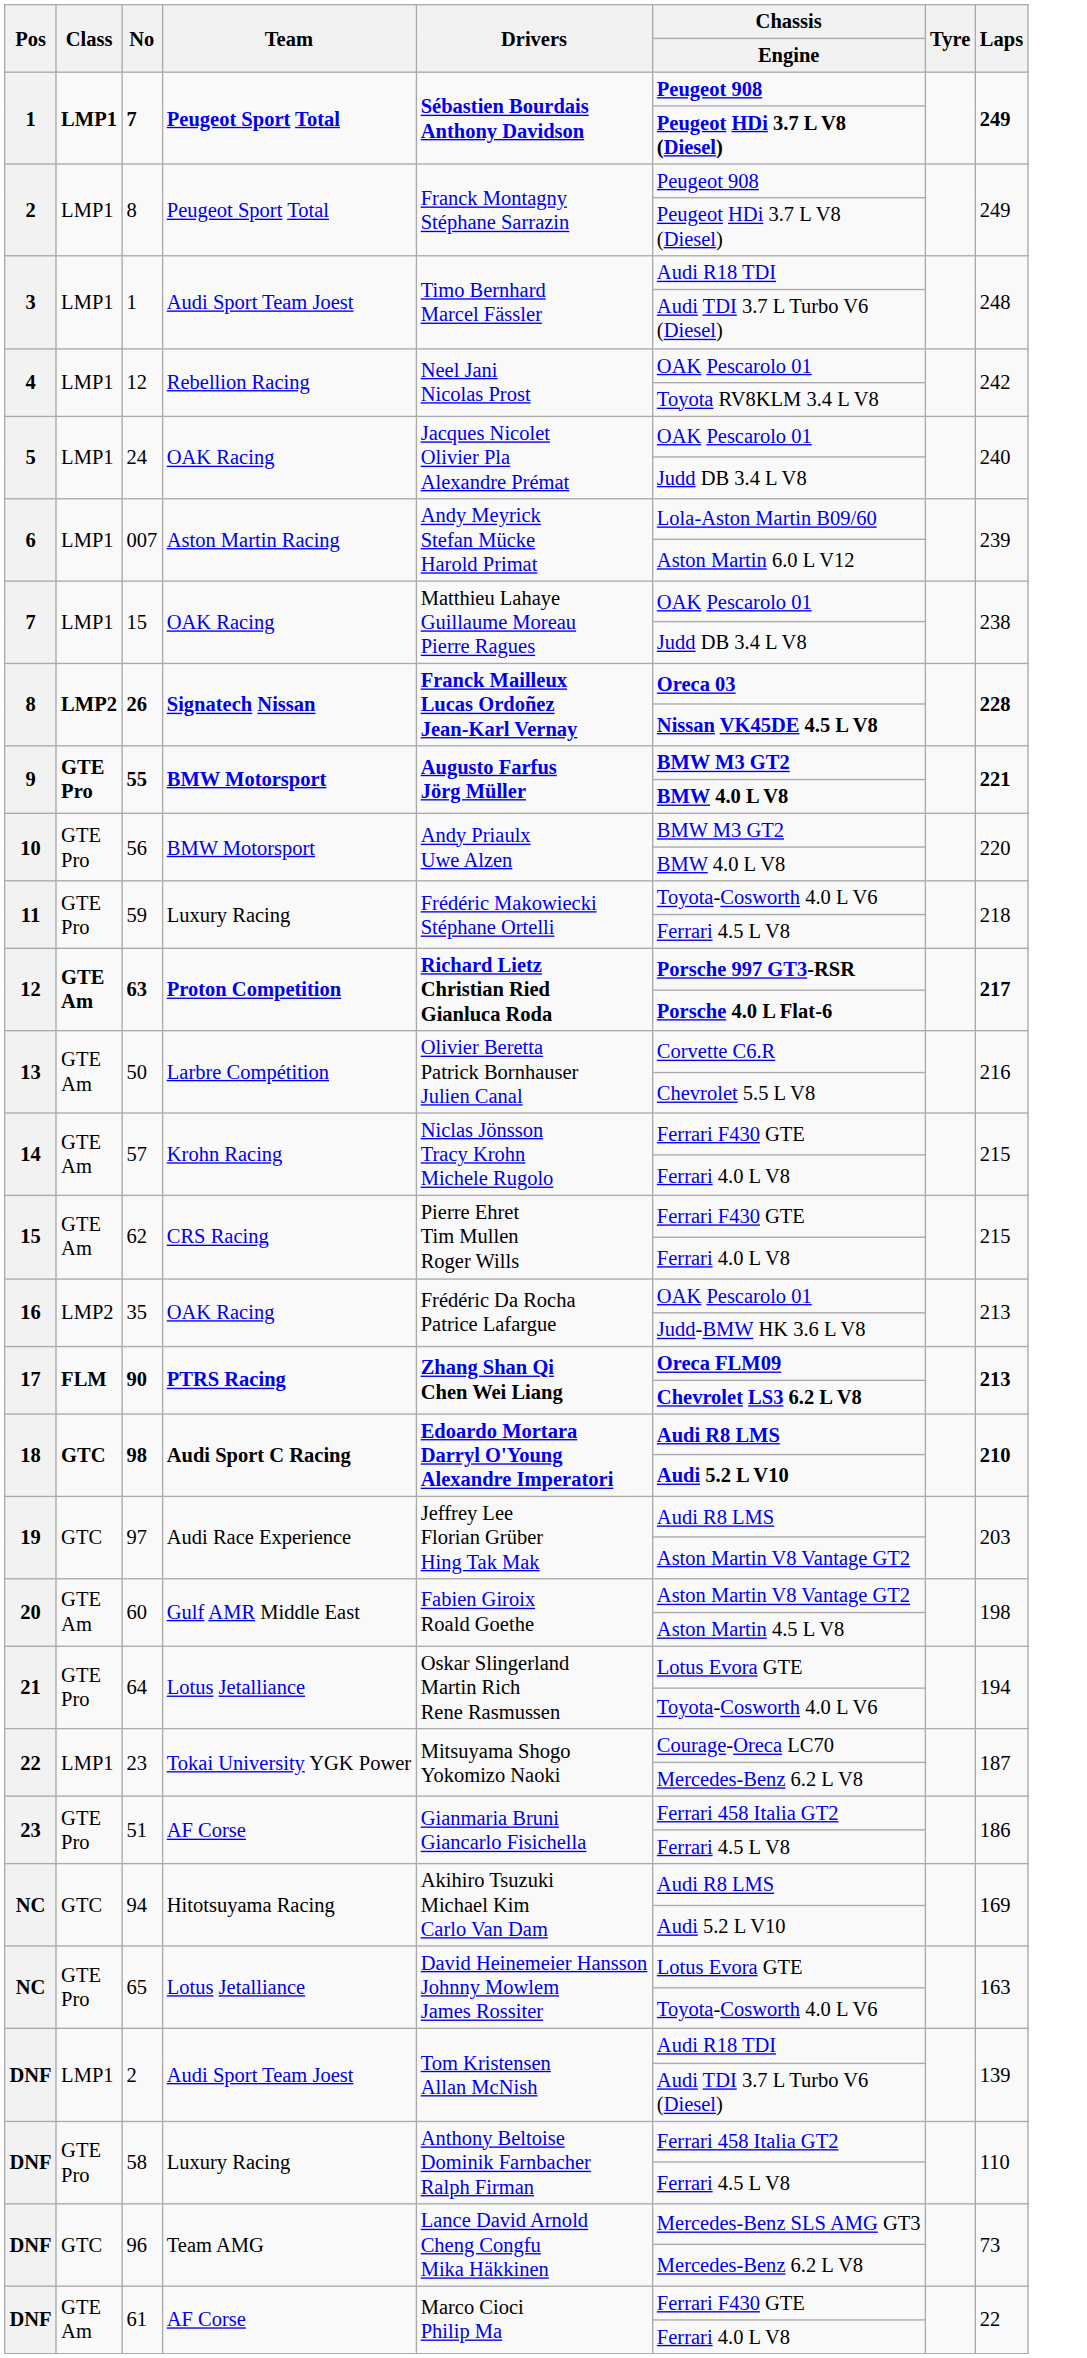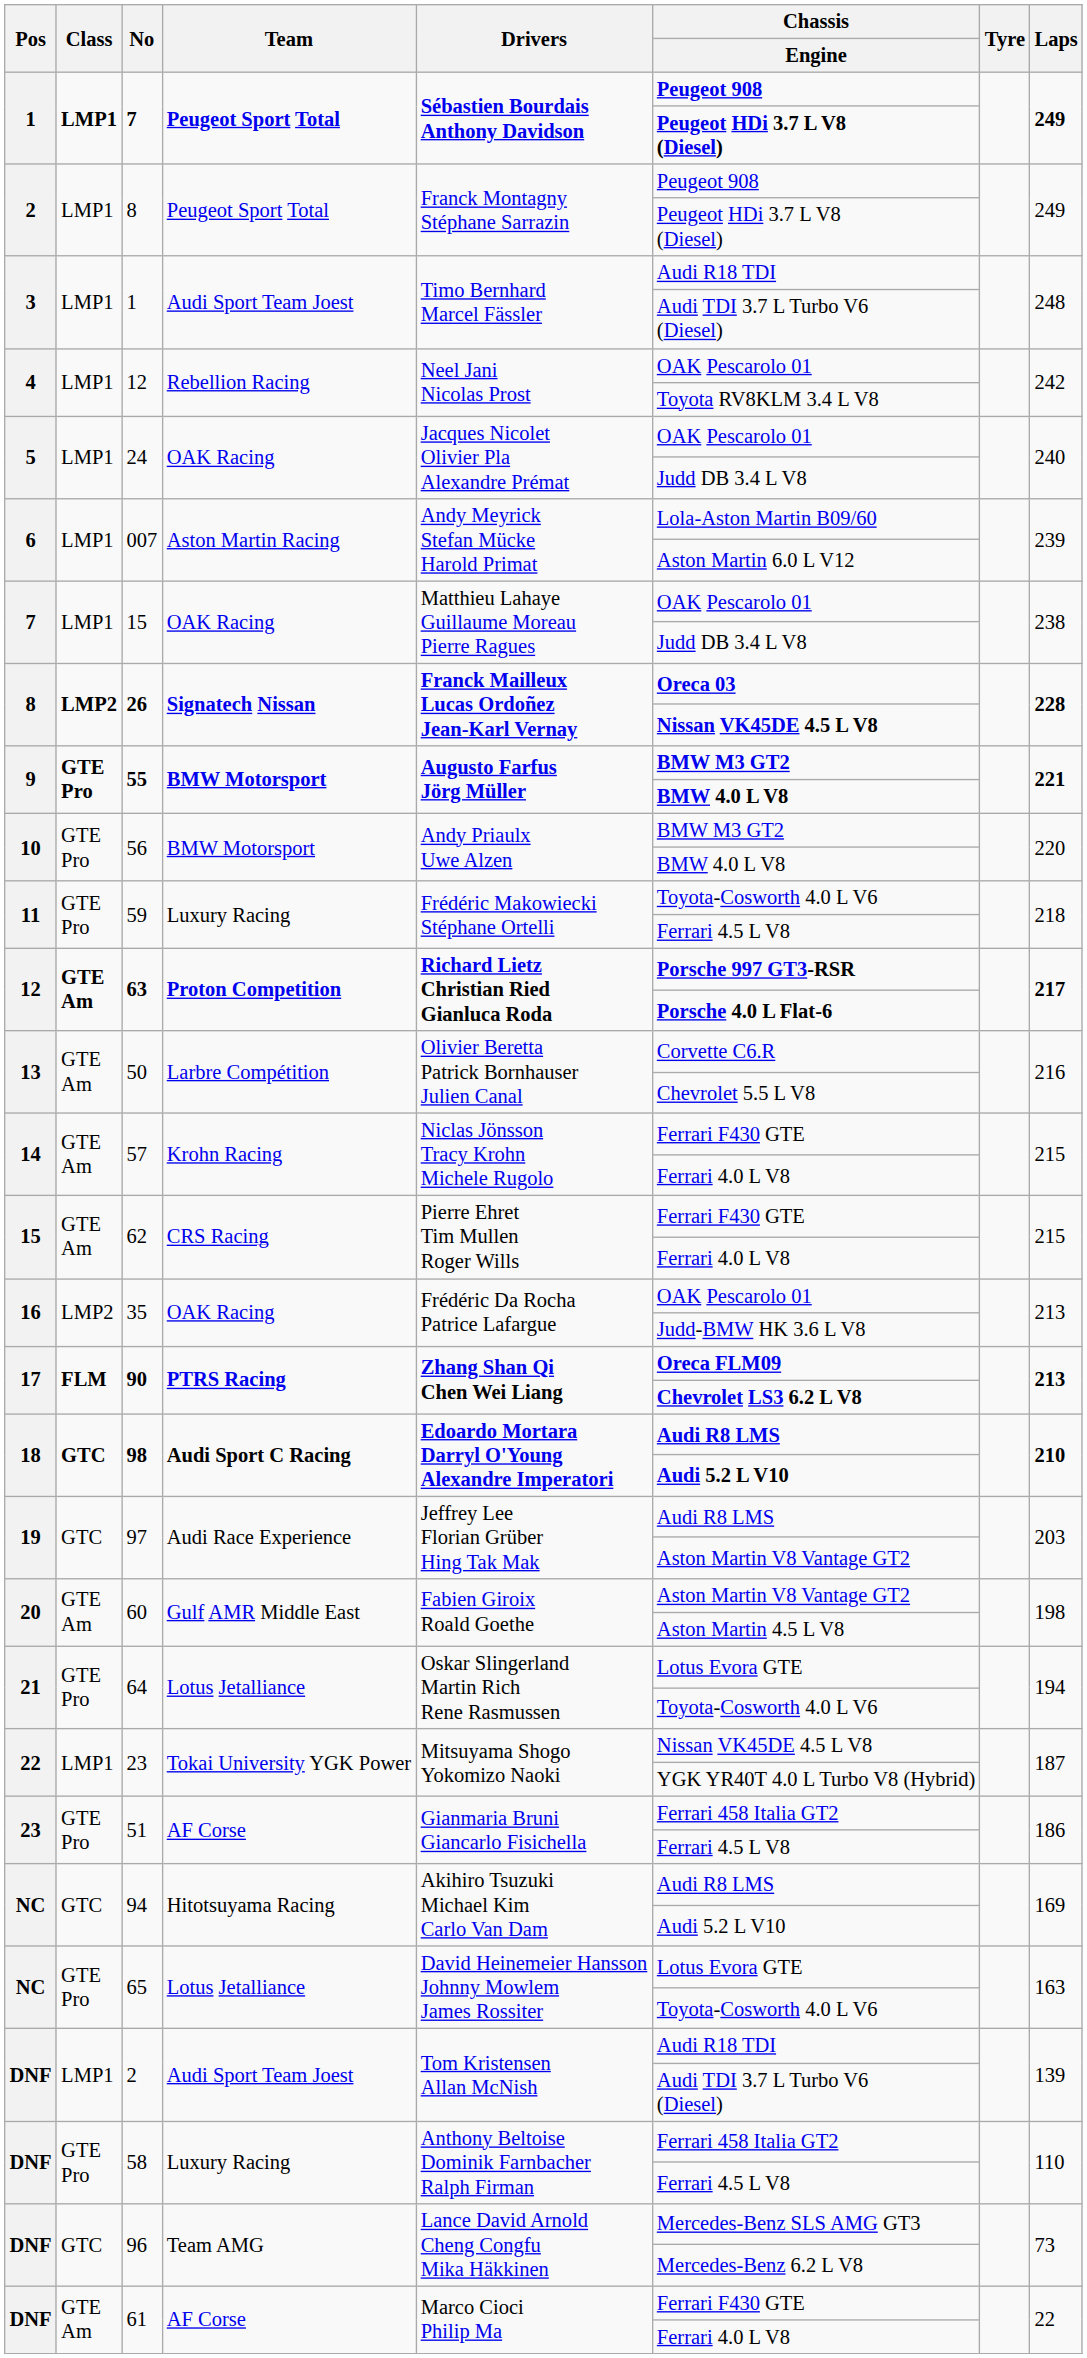 <table class="wikitable" style="font-size: 95%;">
 <tr>
 <th rowspan=2>Pos</th>
 <th rowspan=2>Class</th>
 <th rowspan=2>No</th>
 <th rowspan=2>Team</th>
 <th rowspan=2>Drivers</th>
 <th>Chassis</th>
 <th rowspan=2>Tyre</th>
 <th rowspan=2>Laps</th>
 </tr>
 <tr>
 <th>Engine</th>
 </tr>
 <tr style="font-weight:bold">
 <th rowspan=2>1</th>
 <td rowspan=2>LMP1</td>
 <td rowspan=2>7</td>
 <td rowspan=2> <a href='#'>Peugeot Sport</a> <a href='#'>Total</a></td>
 <td rowspan=2> <a href='#'>Sébastien Bourdais</a><br> <a href='#'>Anthony Davidson</a></td>
 <td><a href='#'>Peugeot 908</a></td>
 <td rowspan=2></td>
 <td rowspan=2>249</td>
 </tr>
 <tr style="font-weight:bold">
 <td><a href='#'>Peugeot</a> <a href='#'>HDi</a> 3.7 L V8<br>(<a href='#'>Diesel</a>)</td>
 </tr>
 <tr>
 <th rowspan=2>2</th>
 <td rowspan=2>LMP1</td>
 <td rowspan=2>8</td>
 <td rowspan=2> <a href='#'>Peugeot Sport</a> <a href='#'>Total</a></td>
 <td rowspan=2> <a href='#'>Franck Montagny</a><br> <a href='#'>Stéphane Sarrazin</a></td>
 <td><a href='#'>Peugeot 908</a></td>
 <td rowspan=2></td>
 <td rowspan=2>249</td>
 </tr>
 <tr>
 <td><a href='#'>Peugeot</a> <a href='#'>HDi</a> 3.7 L V8<br>(<a href='#'>Diesel</a>)</td>
 </tr>
 <tr>
 <th rowspan=2>3</th>
 <td rowspan=2>LMP1</td>
 <td rowspan=2>1</td>
 <td rowspan=2> <a href='#'>Audi Sport Team Joest</a></td>
 <td rowspan=2> <a href='#'>Timo Bernhard</a><br> <a href='#'>Marcel Fässler</a></td>
 <td><a href='#'>Audi R18 TDI</a></td>
 <td rowspan=2></td>
 <td rowspan=2>248</td>
 </tr>
 <tr>
 <td><a href='#'>Audi</a> <a href='#'>TDI</a> 3.7 L Turbo V6<br>(<a href='#'>Diesel</a>)</td>
 </tr>
 <tr>
 <th rowspan=2>4</th>
 <td rowspan=2>LMP1</td>
 <td rowspan=2>12</td>
 <td rowspan=2> <a href='#'>Rebellion Racing</a></td>
 <td rowspan=2> <a href='#'>Neel Jani</a><br> <a href='#'>Nicolas Prost</a></td>
 <td><a href='#'>OAK</a> <a href='#'>Pescarolo 01</a></td>
 <td rowspan=2></td>
 <td rowspan=2>242</td>
 </tr>
 <tr>
 <td><a href='#'>Toyota</a> RV8KLM 3.4 L V8</td>
 </tr>
 <tr>
 <th rowspan=2>5</th>
 <td rowspan=2>LMP1</td>
 <td rowspan=2>24</td>
 <td rowspan=2> <a href='#'>OAK Racing</a></td>
 <td rowspan=2> <a href='#'>Jacques Nicolet</a><br> <a href='#'>Olivier Pla</a><br> <a href='#'>Alexandre Prémat</a></td>
 <td><a href='#'>OAK</a> <a href='#'>Pescarolo 01</a></td>
 <td rowspan=2></td>
 <td rowspan=2>240</td>
 </tr>
 <tr>
 <td><a href='#'>Judd</a> DB 3.4 L V8</td>
 </tr>
 <tr>
 <th rowspan=2>6</th>
 <td rowspan=2>LMP1</td>
 <td rowspan=2>007</td>
 <td rowspan=2> <a href='#'>Aston Martin Racing</a></td>
 <td rowspan=2> <a href='#'>Andy Meyrick</a><br> <a href='#'>Stefan Mücke</a><br> <a href='#'>Harold Primat</a></td>
 <td><a href='#'>Lola-Aston Martin B09/60</a></td>
 <td rowspan=2></td>
 <td rowspan=2>239</td>
 </tr>
 <tr>
 <td><a href='#'>Aston Martin</a> 6.0 L V12</td>
 </tr>
 <tr>
 <th rowspan=2>7</th>
 <td rowspan=2>LMP1</td>
 <td rowspan=2>15</td>
 <td rowspan=2> <a href='#'>OAK Racing</a></td>
 <td rowspan=2> Matthieu Lahaye<br> <a href='#'>Guillaume Moreau</a><br> <a href='#'>Pierre Ragues</a></td>
 <td><a href='#'>OAK</a> <a href='#'>Pescarolo 01</a></td>
 <td rowspan=2></td>
 <td rowspan=2>238</td>
 </tr>
 <tr>
 <td><a href='#'>Judd</a> DB 3.4 L V8</td>
 </tr>
 <tr style="font-weight:bold">
 <th rowspan=2>8</th>
 <td rowspan=2>LMP2</td>
 <td rowspan=2>26</td>
 <td rowspan=2> <a href='#'>Signatech</a> <a href='#'>Nissan</a></td>
 <td rowspan=2> <a href='#'>Franck Mailleux</a><br> <a href='#'>Lucas Ordoñez</a><br> <a href='#'>Jean-Karl Vernay</a></td>
 <td><a href='#'>Oreca 03</a></td>
 <td rowspan=2></td>
 <td rowspan=2>228</td>
 </tr>
 <tr style="font-weight:bold">
 <td><a href='#'>Nissan</a> <a href='#'>VK45DE</a> 4.5 L V8</td>
 </tr>
 <tr style="font-weight:bold">
 <th rowspan=2>9</th>
 <td rowspan=2>GTE<br>Pro</td>
 <td rowspan=2>55</td>
 <td rowspan=2> <a href='#'>BMW Motorsport</a></td>
 <td rowspan=2> <a href='#'>Augusto Farfus</a><br> <a href='#'>Jörg Müller</a></td>
 <td><a href='#'>BMW M3 GT2</a></td>
 <td rowspan=2></td>
 <td rowspan=2>221</td>
 </tr>
 <tr style="font-weight:bold">
 <td><a href='#'>BMW</a> 4.0 L V8</td>
 </tr>
 <tr>
 <th rowspan=2>10</th>
 <td rowspan=2>GTE<br>Pro</td>
 <td rowspan=2>56</td>
 <td rowspan=2> <a href='#'>BMW Motorsport</a></td>
 <td rowspan=2> <a href='#'>Andy Priaulx</a><br> <a href='#'>Uwe Alzen</a></td>
 <td><a href='#'>BMW M3 GT2</a></td>
 <td rowspan=2></td>
 <td rowspan=2>220</td>
 </tr>
 <tr>
 <td><a href='#'>BMW</a> 4.0 L V8</td>
 </tr>
 <tr>
 <th rowspan=2>11</th>
 <td rowspan=2>GTE<br>Pro</td>
 <td rowspan=2>59</td>
 <td rowspan=2> Luxury Racing</td>
 <td rowspan=2> <a href='#'>Frédéric Makowiecki</a><br> <a href='#'>Stéphane Ortelli</a></td>
 <td><a href='#'>Toyota</a>-<a href='#'>Cosworth</a> 4.0 L V6</td>
 <td rowspan=2></td>
 <td rowspan=2>218</td>
 </tr>
 <tr>
 <td><a href='#'>Ferrari</a> 4.5 L V8</td>
 </tr>
 <tr style="font-weight:bold">
 <th rowspan=2>12</th>
 <td rowspan=2>GTE<br>Am</td>
 <td rowspan=2>63</td>
 <td rowspan=2> <a href='#'>Proton Competition</a></td>
 <td rowspan=2> <a href='#'>Richard Lietz</a><br> Christian Ried<br> Gianluca Roda</td>
 <td><a href='#'>Porsche 997 GT3</a>-RSR</td>
 <td rowspan=2></td>
 <td rowspan=2>217</td>
 </tr>
 <tr style="font-weight:bold">
 <td><a href='#'>Porsche</a> 4.0 L Flat-6</td>
 </tr>
 <tr>
 <th rowspan=2>13</th>
 <td rowspan=2>GTE<br>Am</td>
 <td rowspan=2>50</td>
 <td rowspan=2> <a href='#'>Larbre Compétition</a></td>
 <td rowspan=2> <a href='#'>Olivier Beretta</a><br> Patrick Bornhauser<br> <a href='#'>Julien Canal</a></td>
 <td><a href='#'>Corvette C6.R</a></td>
 <td rowspan=2></td>
 <td rowspan=2>216</td>
 </tr>
 <tr>
 <td><a href='#'>Chevrolet</a> 5.5 L V8</td>
 </tr>
 <tr>
 <th rowspan=2>14</th>
 <td rowspan=2>GTE<br>Am</td>
 <td rowspan=2>57</td>
 <td rowspan=2> <a href='#'>Krohn Racing</a></td>
 <td rowspan=2> <a href='#'>Niclas Jönsson</a><br> <a href='#'>Tracy Krohn</a><br> <a href='#'>Michele Rugolo</a></td>
 <td><a href='#'>Ferrari F430</a> GTE</td>
 <td rowspan=2></td>
 <td rowspan=2>215</td>
 </tr>
 <tr>
 <td><a href='#'>Ferrari</a> 4.0 L V8</td>
 </tr>
 <tr>
 <th rowspan=2>15</th>
 <td rowspan=2>GTE<br>Am</td>
 <td rowspan=2>62</td>
 <td rowspan=2> <a href='#'>CRS Racing</a></td>
 <td rowspan=2> Pierre Ehret<br> Tim Mullen<br> Roger Wills</td>
 <td><a href='#'>Ferrari F430</a> GTE</td>
 <td rowspan=2></td>
 <td rowspan=2>215</td>
 </tr>
 <tr>
 <td><a href='#'>Ferrari</a> 4.0 L V8</td>
 </tr>
 <tr>
 <th rowspan=2>16</th>
 <td rowspan=2>LMP2</td>
 <td rowspan=2>35</td>
 <td rowspan=2> <a href='#'>OAK Racing</a></td>
 <td rowspan=2> Frédéric Da Rocha<br> Patrice Lafargue</td>
 <td><a href='#'>OAK</a> <a href='#'>Pescarolo 01</a></td>
 <td rowspan=2></td>
 <td rowspan=2>213</td>
 </tr>
 <tr>
 <td><a href='#'>Judd</a>-<a href='#'>BMW</a> HK 3.6 L V8</td>
 </tr>
 <tr style="font-weight:bold">
 <th rowspan=2>17</th>
 <td rowspan=2>FLM</td>
 <td rowspan=2>90</td>
 <td rowspan=2> <a href='#'>PTRS Racing</a></td>
 <td rowspan=2> <a href='#'>Zhang Shan Qi</a><br> Chen Wei Liang</td>
 <td><a href='#'>Oreca FLM09</a></td>
 <td rowspan=2></td>
 <td rowspan=2>213</td>
 </tr>
 <tr style="font-weight:bold">
 <td><a href='#'>Chevrolet</a> <a href='#'>LS3</a> 6.2 L V8</td>
 </tr>
 <tr style="font-weight:bold">
 <th rowspan=2>18</th>
 <td rowspan=2>GTC</td>
 <td rowspan=2>98</td>
 <td rowspan=2> Audi Sport C Racing</td>
 <td rowspan=2> <a href='#'>Edoardo Mortara</a><br> <a href='#'>Darryl O'Young</a><br> <a href='#'>Alexandre Imperatori</a></td>
 <td><a href='#'>Audi R8 LMS</a></td>
 <td rowspan=2></td>
 <td rowspan=2>210</td>
 </tr>
 <tr style="font-weight:bold">
 <td><a href='#'>Audi</a> 5.2 L V10</td>
 </tr>
 <tr>
 <th rowspan=2>19</th>
 <td rowspan=2>GTC</td>
 <td rowspan=2>97</td>
 <td rowspan=2> Audi Race Experience</td>
 <td rowspan=2> Jeffrey Lee<br> Florian Grüber<br> <a href='#'>Hing Tak Mak</a></td>
 <td><a href='#'>Audi R8 LMS</a></td>
 <td rowspan=2></td>
 <td rowspan=2>203</td>
 </tr>
 <tr>
 <td><a href='#'>Aston Martin V8 Vantage GT2</a></td>
 </tr>
 <tr>
 <th rowspan=2>20</th>
 <td rowspan=2>GTE<br>Am</td>
 <td rowspan=2>60</td>
 <td rowspan=2> <a href='#'>Gulf</a> <a href='#'>AMR</a> Middle East</td>
 <td rowspan=2> <a href='#'>Fabien Giroix</a><br> Roald Goethe</td>
 <td><a href='#'>Aston Martin V8 Vantage GT2</a></td>
 <td rowspan=2></td>
 <td rowspan=2>198</td>
 </tr>
 <tr>
 <td><a href='#'>Aston Martin</a> 4.5 L V8</td>
 </tr>
 <tr>
 <th rowspan=2>21</th>
 <td rowspan=2>GTE<br>Pro</td>
 <td rowspan=2>64</td>
 <td rowspan=2> <a href='#'>Lotus</a> <a href='#'>Jetalliance</a></td>
 <td rowspan=2> Oskar Slingerland<br> Martin Rich<br> Rene Rasmussen</td>
 <td><a href='#'>Lotus Evora</a> GTE</td>
 <td rowspan=2></td>
 <td rowspan=2>194</td>
 </tr>
 <tr>
 <td><a href='#'>Toyota</a>-<a href='#'>Cosworth</a> 4.0 L V6</td>
 </tr>
 <tr>
 <th rowspan=2>22</th>
 <td rowspan=2>LMP1</td>
 <td rowspan=2>23</td>
 <td rowspan=2> <a href='#'>Tokai University</a> YGK Power</td>
 <td rowspan=2> Mitsuyama Shogo<br> Yokomizo Naoki</td>
-<td><a href='#'>Courage</a>-<a href='#'>Oreca</a> LC70</td>
+<td><a href='#'>Nissan</a> <a href='#'>VK45DE</a> 4.5 L V8</td>
 <td rowspan=2></td>
 <td rowspan=2>187</td>
 </tr>
 <tr>
-<td><a href='#'>Mercedes-Benz</a> 6.2 L V8</td>
+<td>YGK YR40T 4.0 L Turbo V8 (Hybrid)</td>
 </tr>
 <tr>
 <th rowspan=2>23</th>
 <td rowspan=2>GTE<br>Pro</td>
 <td rowspan=2>51</td>
 <td rowspan=2> <a href='#'>AF Corse</a></td>
 <td rowspan=2> <a href='#'>Gianmaria Bruni</a><br> <a href='#'>Giancarlo Fisichella</a></td>
 <td><a href='#'>Ferrari 458 Italia GT2</a></td>
 <td rowspan=2></td>
 <td rowspan=2>186</td>
 </tr>
 <tr>
 <td><a href='#'>Ferrari</a> 4.5 L V8</td>
 </tr>
 <tr>
 <th rowspan=2>NC</th>
 <td rowspan=2>GTC</td>
 <td rowspan=2>94</td>
 <td rowspan=2> Hitotsuyama Racing</td>
 <td rowspan=2> Akihiro Tsuzuki<br> Michael Kim<br> <a href='#'>Carlo Van Dam</a></td>
 <td><a href='#'>Audi R8 LMS</a></td>
 <td rowspan=2></td>
 <td rowspan=2>169</td>
 </tr>
 <tr>
 <td><a href='#'>Audi</a> 5.2 L V10</td>
 </tr>
 <tr>
 <th rowspan=2>NC</th>
 <td rowspan=2>GTE<br>Pro</td>
 <td rowspan=2>65</td>
 <td rowspan=2> <a href='#'>Lotus</a> <a href='#'>Jetalliance</a></td>
 <td rowspan=2> <a href='#'>David Heinemeier Hansson</a><br> <a href='#'>Johnny Mowlem</a><br> <a href='#'>James Rossiter</a></td>
 <td><a href='#'>Lotus Evora</a> GTE</td>
 <td rowspan=2></td>
 <td rowspan=2>163</td>
 </tr>
 <tr>
 <td><a href='#'>Toyota</a>-<a href='#'>Cosworth</a> 4.0 L V6</td>
 </tr>
 <tr>
 <th rowspan=2>DNF</th>
 <td rowspan=2>LMP1</td>
 <td rowspan=2>2</td>
 <td rowspan=2> <a href='#'>Audi Sport Team Joest</a></td>
 <td rowspan=2> <a href='#'>Tom Kristensen</a><br> <a href='#'>Allan McNish</a></td>
 <td><a href='#'>Audi R18 TDI</a></td>
 <td rowspan=2></td>
 <td rowspan=2>139</td>
 </tr>
 <tr>
 <td><a href='#'>Audi</a> <a href='#'>TDI</a> 3.7 L Turbo V6<br>(<a href='#'>Diesel</a>)</td>
 </tr>
 <tr>
 <th rowspan=2>DNF</th>
 <td rowspan=2>GTE<br>Pro</td>
 <td rowspan=2>58</td>
 <td rowspan=2> Luxury Racing</td>
 <td rowspan=2> <a href='#'>Anthony Beltoise</a><br> <a href='#'>Dominik Farnbacher</a><br> <a href='#'>Ralph Firman</a></td>
 <td><a href='#'>Ferrari 458 Italia GT2</a></td>
 <td rowspan=2></td>
 <td rowspan=2>110</td>
 </tr>
 <tr>
 <td><a href='#'>Ferrari</a> 4.5 L V8</td>
 </tr>
 <tr>
 <th rowspan=2>DNF</th>
 <td rowspan=2>GTC</td>
 <td rowspan=2>96</td>
 <td rowspan=2> Team AMG</td>
 <td rowspan=2> <a href='#'>Lance David Arnold</a><br> <a href='#'>Cheng Congfu</a><br> <a href='#'>Mika Häkkinen</a></td>
 <td><a href='#'>Mercedes-Benz SLS AMG</a> GT3</td>
 <td rowspan=2></td>
 <td rowspan=2>73</td>
 </tr>
 <tr>
 <td><a href='#'>Mercedes-Benz</a> 6.2 L V8</td>
 </tr>
 <tr>
 <th rowspan=2>DNF</th>
 <td rowspan=2>GTE<br>Am</td>
 <td rowspan=2>61</td>
 <td rowspan=2> <a href='#'>AF Corse</a></td>
 <td rowspan=2> Marco Cioci<br> <a href='#'>Philip Ma</a></td>
 <td><a href='#'>Ferrari F430</a> GTE</td>
 <td rowspan=2></td>
 <td rowspan=2>22</td>
 </tr>
 <tr>
 <td><a href='#'>Ferrari</a> 4.0 L V8</td>
 </tr>
 </table>
